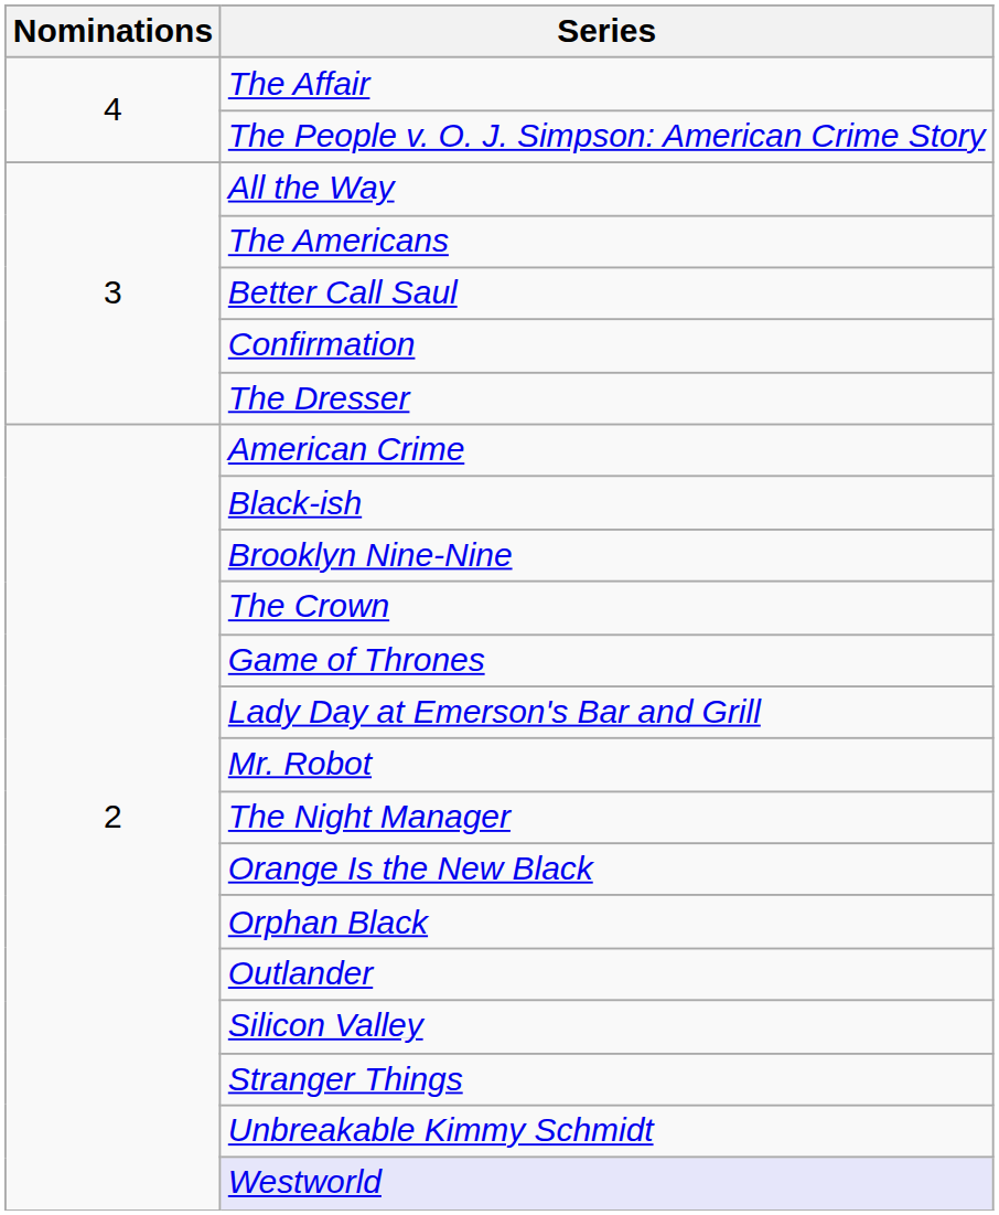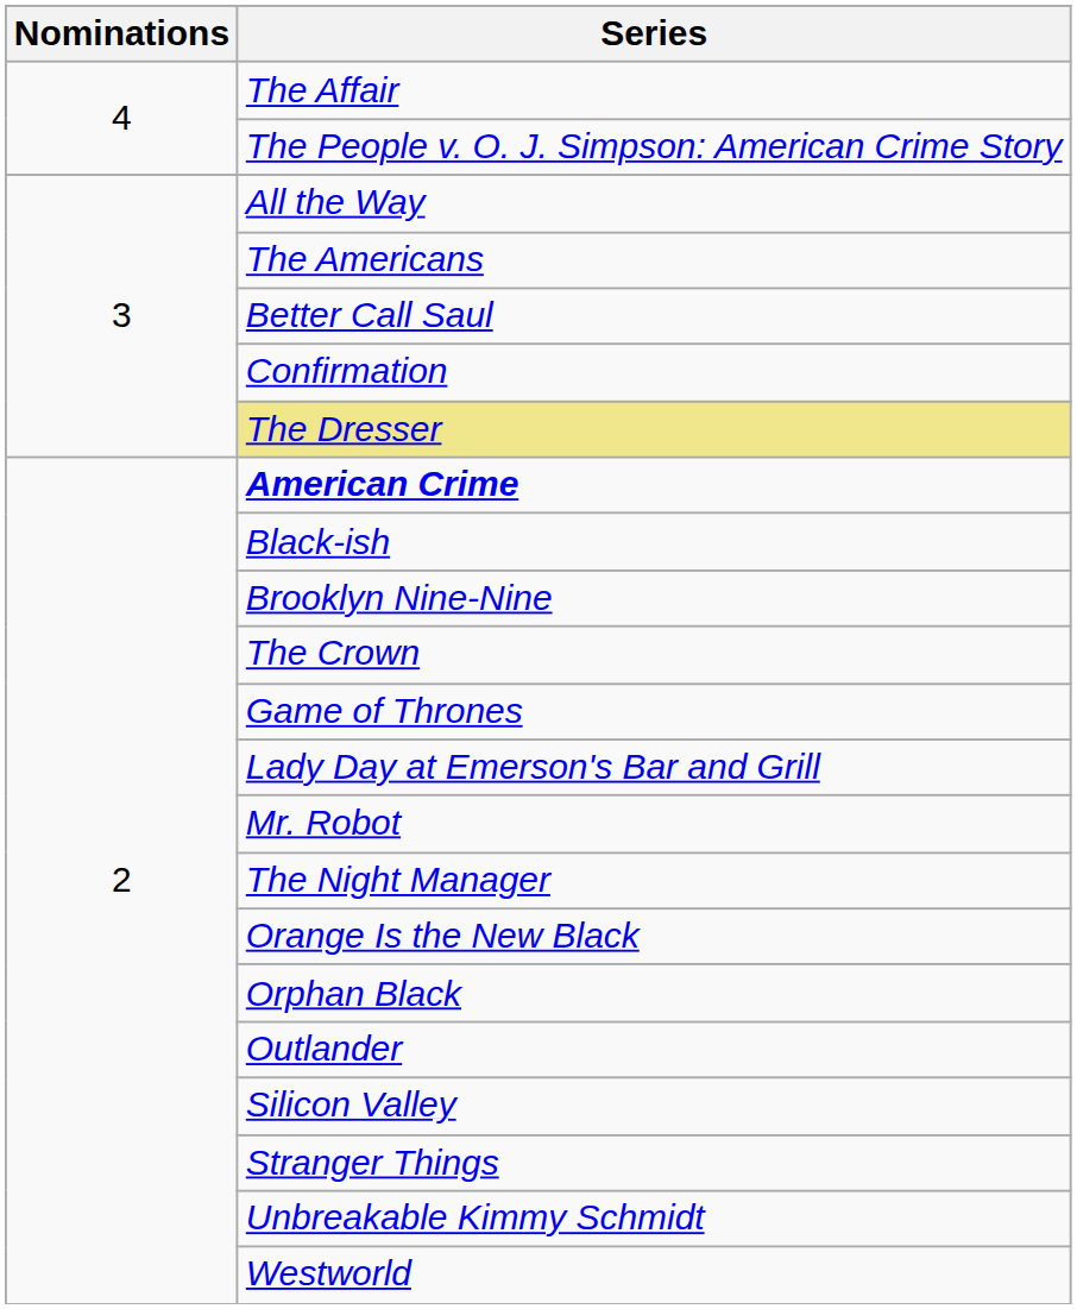 <table class="wikitable">
 <tr>
 <th>Nominations</th>
 <th>Series</th>
 </tr>
 <tr>
 <td rowspan="2" align="center">4</td>
 <td><em><a href='#'>The Affair</a></em></td>
 </tr>
 <tr>
 <td><em><a href='#'>The People v. O. J. Simpson: American Crime Story</a></em></td>
 </tr>
 <tr>
 <td rowspan="5" align="center">3</td>
 <td><em><a href='#'>All the Way</a></em></td>
 </tr>
 <tr>
 <td><em><a href='#'>The Americans</a></em></td>
 </tr>
 <tr>
 <td><em><a href='#'>Better Call Saul</a></em></td>
 </tr>
 <tr>
 <td><em><a href='#'>Confirmation</a></em></td>
 </tr>
 <tr>
-<td><em><a href='#'>The Dresser</a></em></td>
+<td style="background: khaki;"><em><a href='#'>The Dresser</a></em></td>
 </tr>
 <tr>
 <td rowspan="15" align="center">2</td>
-<td><em><a href='#'>American Crime</a></em></td>
+<td><strong><em><a href='#'>American Crime</a></em></strong></td>
 </tr>
 <tr>
 <td><em><a href='#'>Black-ish</a></em></td>
 </tr>
 <tr>
 <td><em><a href='#'>Brooklyn Nine-Nine</a></em></td>
 </tr>
 <tr>
 <td><em><a href='#'>The Crown</a></em></td>
 </tr>
 <tr>
 <td><em><a href='#'>Game of Thrones</a></em></td>
 </tr>
 <tr>
 <td><em><a href='#'>Lady Day at Emerson's Bar and Grill</a></em></td>
 </tr>
 <tr>
 <td><em><a href='#'>Mr. Robot</a></em></td>
 </tr>
 <tr>
 <td><em><a href='#'>The Night Manager</a></em></td>
 </tr>
 <tr>
 <td><em><a href='#'>Orange Is the New Black</a></em></td>
 </tr>
 <tr>
 <td><em><a href='#'>Orphan Black</a></em></td>
 </tr>
 <tr>
 <td><em><a href='#'>Outlander</a></em></td>
 </tr>
 <tr>
 <td><em><a href='#'>Silicon Valley</a></em></td>
 </tr>
 <tr>
 <td><em><a href='#'>Stranger Things</a></em></td>
 </tr>
 <tr>
 <td><em><a href='#'>Unbreakable Kimmy Schmidt</a></em></td>
 </tr>
 <tr>
-<td style="background: lavender;"><em><a href='#'>Westworld</a></em></td>
+<td><em><a href='#'>Westworld</a></em></td>
 </tr>
 </table>
